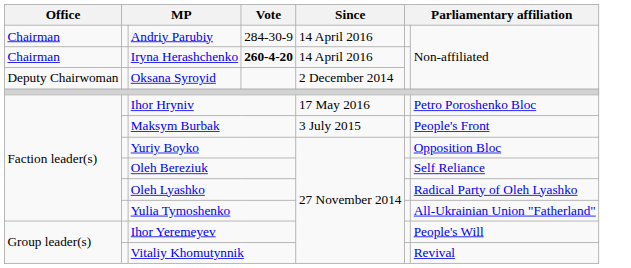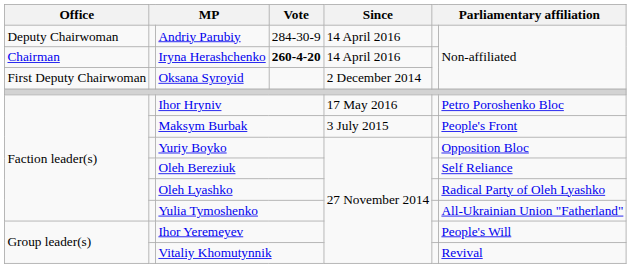 <table class=wikitable>
 <tr>
 <th>Office</th>
 <th colspan=2>MP</th>
 <th>Vote</th>
 <th>Since</th>
 <th colspan=2>Parliamentary affiliation</th>
 </tr>
 <tr>
-<td><a href='#'>Chairman</a></td>
+<td>Deputy Chairwoman</td>
 <td style="background-color:"></td>
 <td><a href='#'>Andriy Parubiy</a></td>
 <td>284-30-9</td>
 <td>14 April 2016</td>
 <td style="background-color:"></td>
 <td rowspan=3>Non-affiliated</td>
 </tr>
 <tr>
 <td><a href='#'>Chairman</a></td>
 <td style="background-color:"></td>
 <td><a href='#'>Iryna Herashchenko</a></td>
 <td><strong>260-4-20</strong></td>
 <td>14 April 2016</td>
 </tr>
 <tr>
-<td>Deputy Chairwoman</td>
+<td>First Deputy Chairwoman</td>
 <td style="background-color:"></td>
 <td><a href='#'>Oksana Syroyid</a></td>
 <td></td>
 <td>2 December 2014</td>
 </tr>
 <tr>
 <td colspan=7; bgcolor="lightgrey"></td>
 </tr>
 <tr>
 <td rowspan=6>Faction leader(s)</td>
 <td style="background-color:"></td>
 <td colspan=2><a href='#'>Ihor Hryniv</a></td>
 <td>17 May 2016</td>
 <td style="background-color:"></td>
 <td><a href='#'>Petro Poroshenko Bloc</a></td>
 </tr>
 <tr>
 <td style="background-color:"></td>
 <td colspan=2><a href='#'>Maksym Burbak</a></td>
 <td>3 July 2015</td>
 <td style="background-color:"></td>
 <td><a href='#'>People's Front</a></td>
 </tr>
 <tr>
 <td style="background-color:"></td>
 <td colspan=2><a href='#'>Yuriy Boyko</a></td>
 <td rowspan=6>27 November 2014</td>
 <td style="background-color:"></td>
 <td><a href='#'>Opposition Bloc</a></td>
 </tr>
 <tr>
 <td style="background-color:"></td>
 <td colspan=2><a href='#'>Oleh Bereziuk</a></td>
 <td style="background-color:"></td>
 <td><a href='#'>Self Reliance</a></td>
 </tr>
 <tr>
 <td style="background-color:"></td>
 <td colspan=2><a href='#'>Oleh Lyashko</a></td>
 <td style="background-color:"></td>
 <td><a href='#'>Radical Party of Oleh Lyashko</a></td>
 </tr>
 <tr>
 <td style="background-color:"></td>
 <td colspan=2><a href='#'>Yulia Tymoshenko</a></td>
 <td style="background-color:"></td>
 <td><a href='#'>All-Ukrainian Union "Fatherland"</a></td>
 </tr>
 <tr>
 <td rowspan=2>Group leader(s)</td>
 <td style="background-color:"></td>
 <td colspan=2><a href='#'>Ihor Yeremeyev</a></td>
 <td style="background-color:"></td>
 <td><a href='#'>People's Will</a></td>
 </tr>
 <tr>
 <td style="background-color:"></td>
 <td colspan=2><a href='#'>Vitaliy Khomutynnik</a></td>
 <td style="background-color:"></td>
 <td><a href='#'>Revival</a></td>
 </tr>
 </table>
